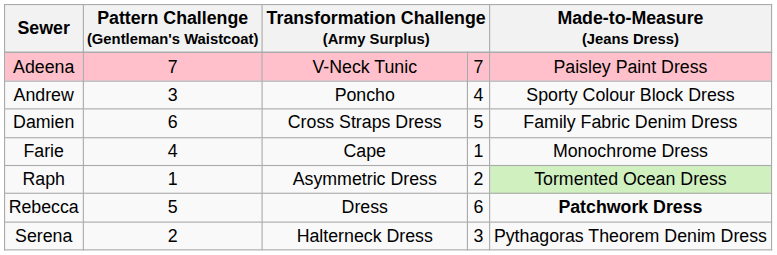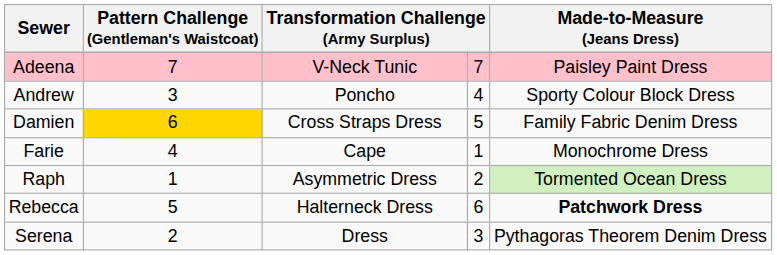 <table class="wikitable" style="text-align:center;">
 <tr>
 <th>Sewer</th>
 <th>Pattern Challenge<br><small>(Gentleman's Waistcoat)</small></th>
 <th colspan="2">Transformation Challenge<br><small>(Army Surplus)</small></th>
 <th>Made-to-Measure<br><small>(Jeans Dress)</small></th>
 </tr>
 <tr>
 </tr>
 <tr>
 </tr>
 <tr style="background:pink">
 <td>Adeena</td>
 <td>7</td>
 <td>V-Neck Tunic</td>
 <td>7</td>
 <td>Paisley Paint Dress</td>
 </tr>
 <tr>
 <td>Andrew</td>
 <td>3</td>
 <td>Poncho</td>
 <td>4</td>
 <td>Sporty Colour Block Dress</td>
 </tr>
 <tr>
 <td>Damien</td>
-<td>6</td>
+<td style="background: gold;">6</td>
 <td>Cross Straps Dress</td>
 <td>5</td>
 <td>Family Fabric Denim Dress</td>
 </tr>
 <tr>
 <td>Farie</td>
 <td>4</td>
 <td>Cape</td>
 <td>1</td>
 <td>Monochrome Dress</td>
 </tr>
 <tr>
 <td>Raph</td>
 <td>1</td>
 <td>Asymmetric Dress</td>
 <td>2</td>
 <td style="background:#d0f0c0">Tormented Ocean Dress</td>
 </tr>
 <tr>
 <td>Rebecca</td>
 <td>5</td>
-<td>Dress</td>
+<td>Halterneck Dress</td>
 <td>6</td>
 <td><strong>Patchwork Dress</strong></td>
 </tr>
 <tr>
 <td>Serena</td>
 <td>2</td>
-<td>Halterneck Dress</td>
+<td>Dress</td>
 <td>3</td>
 <td>Pythagoras Theorem Denim Dress</td>
 </tr>
 </table>
